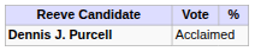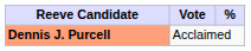 <table class="wikitable">
 <tr>
 <th style="background:#ddf; width:200px;">Reeve Candidate</th>
 <th style="background:#ddf; width:50px;">Vote</th>
 <th style="background:#ddf; width:30px;">%</th>
 </tr>
 <tr>
-<td><strong>Dennis J. Purcell</strong></td>
+<td style="background: lightsalmon;"><strong>Dennis J. Purcell</strong></td>
 <td colspan="2">Acclaimed</td>
 </tr>
 </table>
